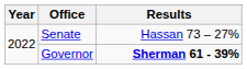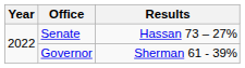 <table class="wikitable">
 <tr>
 <th width="30">Year</th>
 <th width="60">Office</th>
 <th width="180">Results</th>
 </tr>
 <tr>
 <td rowspan="2">2022</td>
 <td><a href='#'>Senate</a></td>
 <td align="right" ><a href='#'>Hassan</a> 73 – 27%</td>
 </tr>
 <tr>
 <td><a href='#'>Governor</a></td>
-<td align="right" ><strong><a href='#'>Sherman</a> 61 - 39%</strong></td>
+<td align="right" ><a href='#'>Sherman</a> 61 - 39%</td>
 </tr>
 </table>
